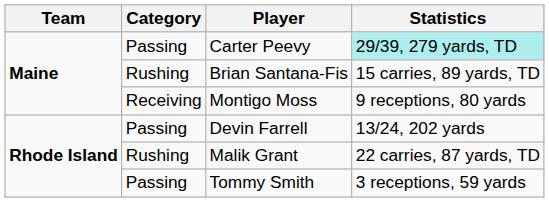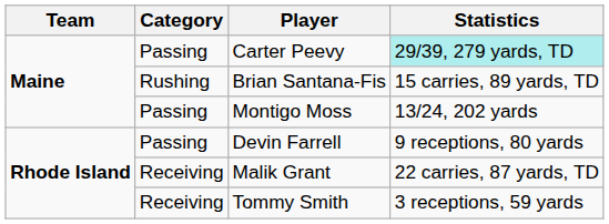 <table class="wikitable" style="float: right;">
 <tr>
 <th>Team</th>
 <th>Category</th>
 <th>Player</th>
 <th>Statistics</th>
 </tr>
 <tr>
 <td rowspan=3><strong>Maine</strong></td>
 <td>Passing</td>
 <td>Carter Peevy</td>
 <td style="background: paleturquoise;">29/39, 279 yards, TD</td>
 </tr>
 <tr>
 <td>Rushing</td>
 <td>Brian Santana-Fis</td>
 <td>15 carries, 89 yards, TD</td>
 </tr>
 <tr>
-<td>Receiving</td>
+<td>Passing</td>
 <td>Montigo Moss</td>
-<td>9 receptions, 80 yards</td>
+<td>13/24, 202 yards</td>
 </tr>
 <tr>
 <td rowspan=3><strong>Rhode Island</strong></td>
 <td>Passing</td>
 <td>Devin Farrell</td>
-<td>13/24, 202 yards</td>
+<td>9 receptions, 80 yards</td>
 </tr>
 <tr>
-<td>Rushing</td>
+<td>Receiving</td>
 <td>Malik Grant</td>
 <td>22 carries, 87 yards, TD</td>
 </tr>
 <tr>
-<td>Passing</td>
+<td>Receiving</td>
 <td>Tommy Smith</td>
 <td>3 receptions, 59 yards</td>
 </tr>
 </table>
